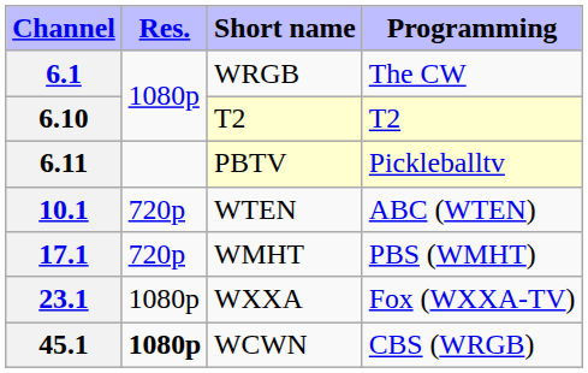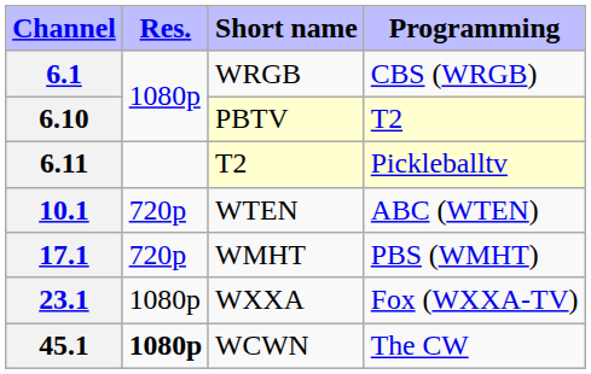 <table class="wikitable">
 <tr>
 <th style="background-color: #bdbdff" scope = "col"><a href='#'>Channel</a></th>
 <th style="background-color: #bdbdff" scope = "col"><a href='#'>Res.</a></th>
 <th style="background-color: #bdbdff" scope = "col">Short name</th>
 <th style="background-color: #bdbdff" scope = "col">Programming</th>
 </tr>
 <tr>
 <th scope = "row"><a href='#'>6.1</a></th>
 <td rowspan=2><a href='#'>1080p</a></td>
 <td>WRGB</td>
-<td><a href='#'>The CW</a></td>
+<td><a href='#'>CBS</a> (<a href='#'>WRGB</a>)</td>
 </tr>
 <tr>
 <th scope = "row">6.10</th>
-<td style="background-color:#ffffd0">T2</td>
+<td style="background-color:#ffffd0">PBTV</td>
 <td style="background-color:#ffffd0"><a href='#'>T2</a></td>
 </tr>
 <tr>
 <th scope = "row">6.11</th>
 <td></td>
-<td style="background-color:#ffffd0">PBTV</td>
+<td style="background-color:#ffffd0">T2</td>
 <td style="background-color:#ffffd0"><a href='#'>Pickleballtv</a></td>
 </tr>
 <tr>
 <th scope = "row"><a href='#'>10.1</a></th>
 <td><a href='#'>720p</a></td>
 <td>WTEN</td>
 <td><a href='#'>ABC</a> (<a href='#'>WTEN</a>)</td>
 </tr>
 <tr>
 <th scope = "row"><a href='#'>17.1</a></th>
 <td><a href='#'>720p</a></td>
 <td>WMHT</td>
 <td><a href='#'>PBS</a> (<a href='#'>WMHT</a>)</td>
 </tr>
 <tr>
 <th scope = "row"><a href='#'>23.1</a></th>
 <td>1080p</td>
 <td>WXXA</td>
 <td><a href='#'>Fox</a> (<a href='#'>WXXA-TV</a>)</td>
 </tr>
 <tr>
 <th scope = "row">45.1</th>
 <td><strong>1080p</strong></td>
 <td>WCWN</td>
-<td><a href='#'>CBS</a> (<a href='#'>WRGB</a>)</td>
+<td><a href='#'>The CW</a></td>
 </tr>
 </table>
